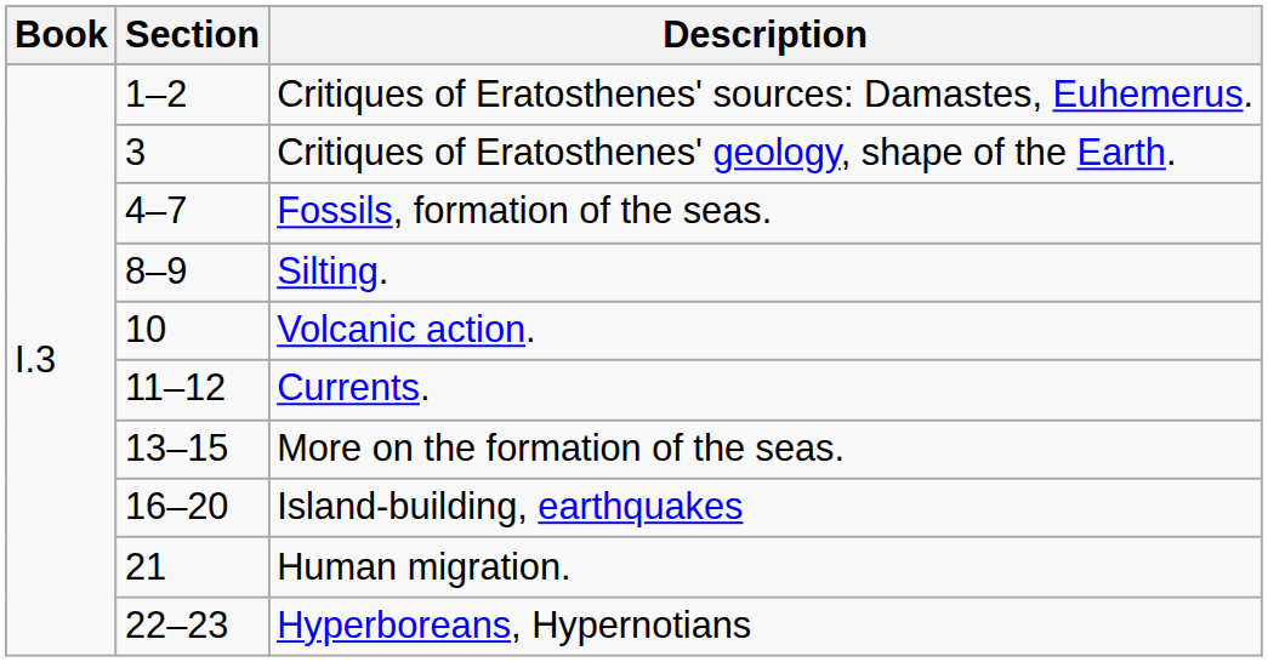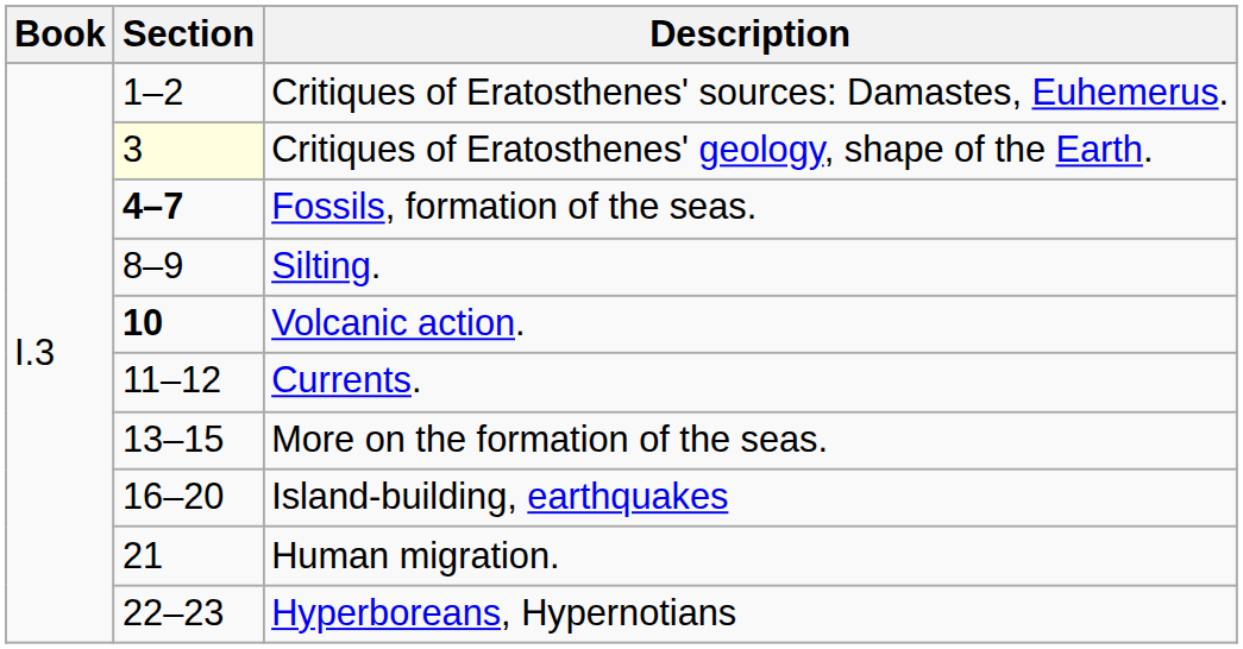 <table class="wikitable" style="max-width:45em;">
 <tr>
 <th>Book</th>
 <th>Section</th>
 <th>Description</th>
 </tr>
 <tr>
 <td rowspan="10">I.3</td>
 <td>1–2</td>
 <td>Critiques of Eratosthenes' sources: Damastes, <a href='#'>Euhemerus</a>.</td>
 </tr>
 <tr>
-<td>3</td>
+<td style="background: lightyellow;">3</td>
 <td>Critiques of Eratosthenes' <a href='#'>geology</a>, shape of the <a href='#'>Earth</a>.</td>
 </tr>
 <tr>
-<td>4–7</td>
+<td><strong>4–7</strong></td>
 <td><a href='#'>Fossils</a>, formation of the seas.</td>
 </tr>
 <tr>
 <td>8–9</td>
 <td><a href='#'>Silting</a>.</td>
 </tr>
 <tr>
-<td>10</td>
+<td><strong>10</strong></td>
 <td><a href='#'>Volcanic action</a>.</td>
 </tr>
 <tr>
 <td>11–12</td>
 <td><a href='#'>Currents</a>.</td>
 </tr>
 <tr>
 <td>13–15</td>
 <td>More on the formation of the seas.</td>
 </tr>
 <tr>
 <td>16–20</td>
 <td>Island-building, <a href='#'>earthquakes</a></td>
 </tr>
 <tr>
 <td>21</td>
 <td>Human migration.</td>
 </tr>
 <tr>
 <td>22–23</td>
 <td><a href='#'>Hyperboreans</a>, Hypernotians</td>
 </tr>
 </table>
